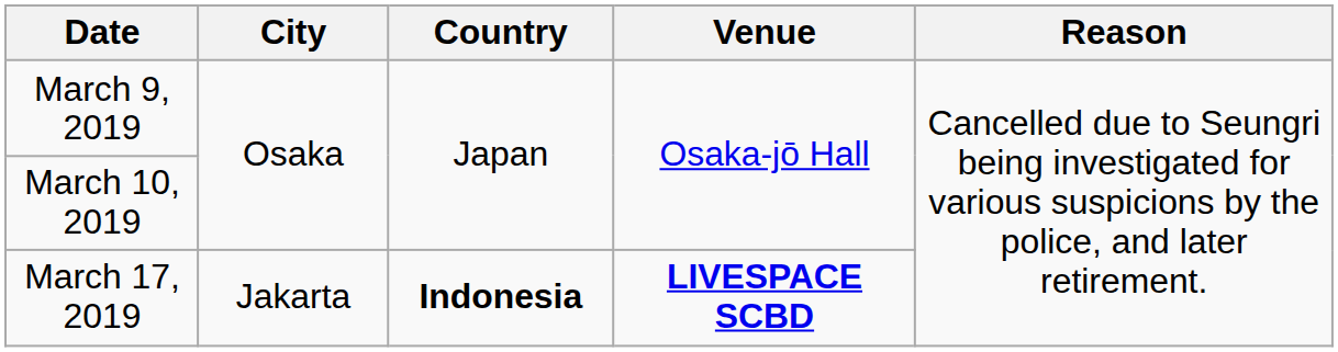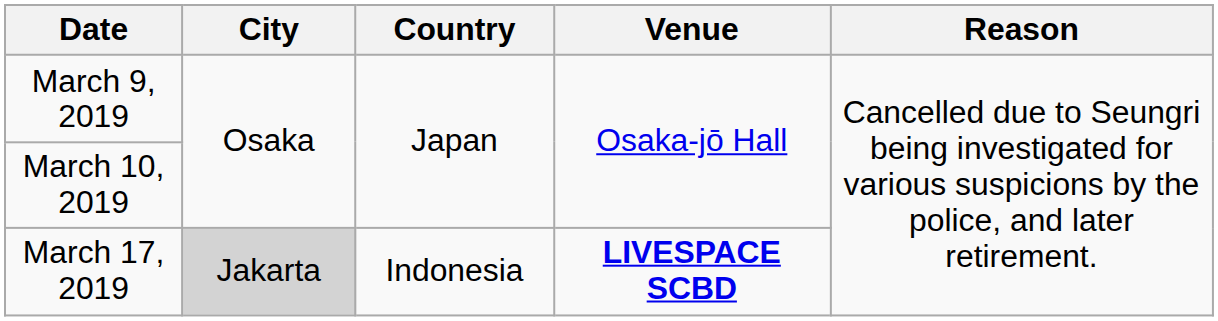 <table class="wikitable" style="text-align:center;">
 <tr>
 <th scope="col" style="width:12em;">Date</th>
 <th scope="col" style="width:10em;">City</th>
 <th scope="col" style="width:10em;">Country</th>
 <th scope="col" style="width:16em;">Venue</th>
 <th scope="col" style="width:30em;">Reason</th>
 </tr>
 <tr>
 <td>March 9, 2019</td>
 <td rowspan="2">Osaka</td>
 <td rowspan="2">Japan</td>
 <td rowspan="2"><a href='#'>Osaka-jō Hall</a></td>
 <td rowspan="3">Cancelled due to Seungri being investigated for various suspicions by the police, and later retirement.</td>
 </tr>
 <tr>
 <td>March 10, 2019</td>
 </tr>
 <tr>
 <td>March 17, 2019</td>
-<td>Jakarta</td>
-<td><strong>Indonesia</strong></td>
+<td style="background: lightgrey;">Jakarta</td>
+<td>Indonesia</td>
 <td><strong><a href='#'> LIVESPACE SCBD</a></strong></td>
 </tr>
 </table>
